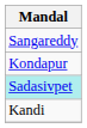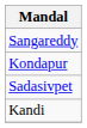 <table class="wikitable sortable static-row-numbers static-row-header-hash">
 <tr>
 <th>Mandal</th>
 </tr>
 <tr>
 <td><a href='#'>Sangareddy</a></td>
 </tr>
 <tr>
 <td><a href='#'>Kondapur</a></td>
 </tr>
 <tr>
-<td style="background: paleturquoise;"><a href='#'>Sadasivpet</a></td>
+<td><a href='#'>Sadasivpet</a></td>
 </tr>
 <tr>
 <td>Kandi</td>
 </tr>
 <tr>
 </tr>
 </table>
